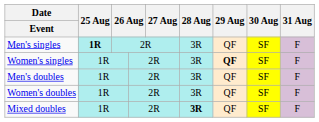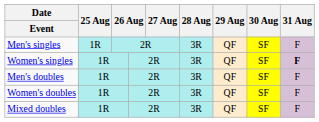 <table class="wikitable" style="margin:0.5em auto; font-size:90%; text-align:center">
 <tr>
 <th>Date</th>
 <th rowspan="2">25 Aug</th>
 <th colspan="2" rowspan="2">26 Aug</th>
 <th rowspan="2">27 Aug</th>
 <th rowspan="2">28 Aug</th>
 <th rowspan="2">29 Aug</th>
 <th rowspan="2">30 Aug</th>
 <th rowspan="2">31 Aug</th>
 </tr>
 <tr>
 <th>Event</th>
 </tr>
 <tr>
 <td align="left"><a href='#'>Men's singles</a></td>
-<td bgcolor="#AFEEEE"><strong>1R</strong></td>
+<td bgcolor="#AFEEEE">1R</td>
 <td colspan="3" bgcolor="#AFEEEE">2R</td>
 <td bgcolor="#AFEEEE">3R</td>
 <td bgcolor="#FFEBCD">QF</td>
 <td bgcolor="#FFFF00">SF</td>
 <td bgcolor="#D8BFD8">F</td>
 </tr>
 <tr>
 <td align="left"><a href='#'>Women's singles</a></td>
 <td colspan="2" bgcolor="#AFEEEE">1R</td>
 <td colspan="2" bgcolor="#AFEEEE">2R</td>
 <td bgcolor="#AFEEEE">3R</td>
-<td bgcolor="#FFEBCD"><strong>QF</strong></td>
+<td bgcolor="#FFEBCD">QF</td>
 <td bgcolor="#FFFF00">SF</td>
-<td bgcolor="#D8BFD8">F</td>
+<td bgcolor="#D8BFD8"><strong>F</strong></td>
 </tr>
 <tr>
 <td align="left"><a href='#'>Men's doubles</a></td>
 <td colspan="2" bgcolor="#AFEEEE">1R</td>
 <td colspan="2" bgcolor="#AFEEEE">2R</td>
 <td bgcolor="#AFEEEE">3R</td>
 <td bgcolor="#FFEBCD">QF</td>
 <td bgcolor="#FFFF00">SF</td>
 <td bgcolor="#D8BFD8">F</td>
 </tr>
 <tr>
 <td align="left"><a href='#'>Women's doubles</a></td>
 <td colspan="2" bgcolor="#AFEEEE">1R</td>
 <td colspan="2" bgcolor="#AFEEEE">2R</td>
 <td bgcolor="#AFEEEE">3R</td>
 <td bgcolor="#FFEBCD">QF</td>
 <td bgcolor="#FFFF00">SF</td>
 <td bgcolor="#D8BFD8">F</td>
 </tr>
 <tr>
 <td align="left"><a href='#'>Mixed doubles</a></td>
 <td colspan="2" bgcolor="#AFEEEE">1R</td>
 <td colspan="2" bgcolor="#AFEEEE">2R</td>
-<td bgcolor="#AFEEEE"><strong>3R</strong></td>
+<td bgcolor="#AFEEEE">3R</td>
 <td bgcolor="#FFEBCD">QF</td>
 <td bgcolor="#FFFF00">SF</td>
 <td bgcolor="#D8BFD8">F</td>
 </tr>
 </table>
